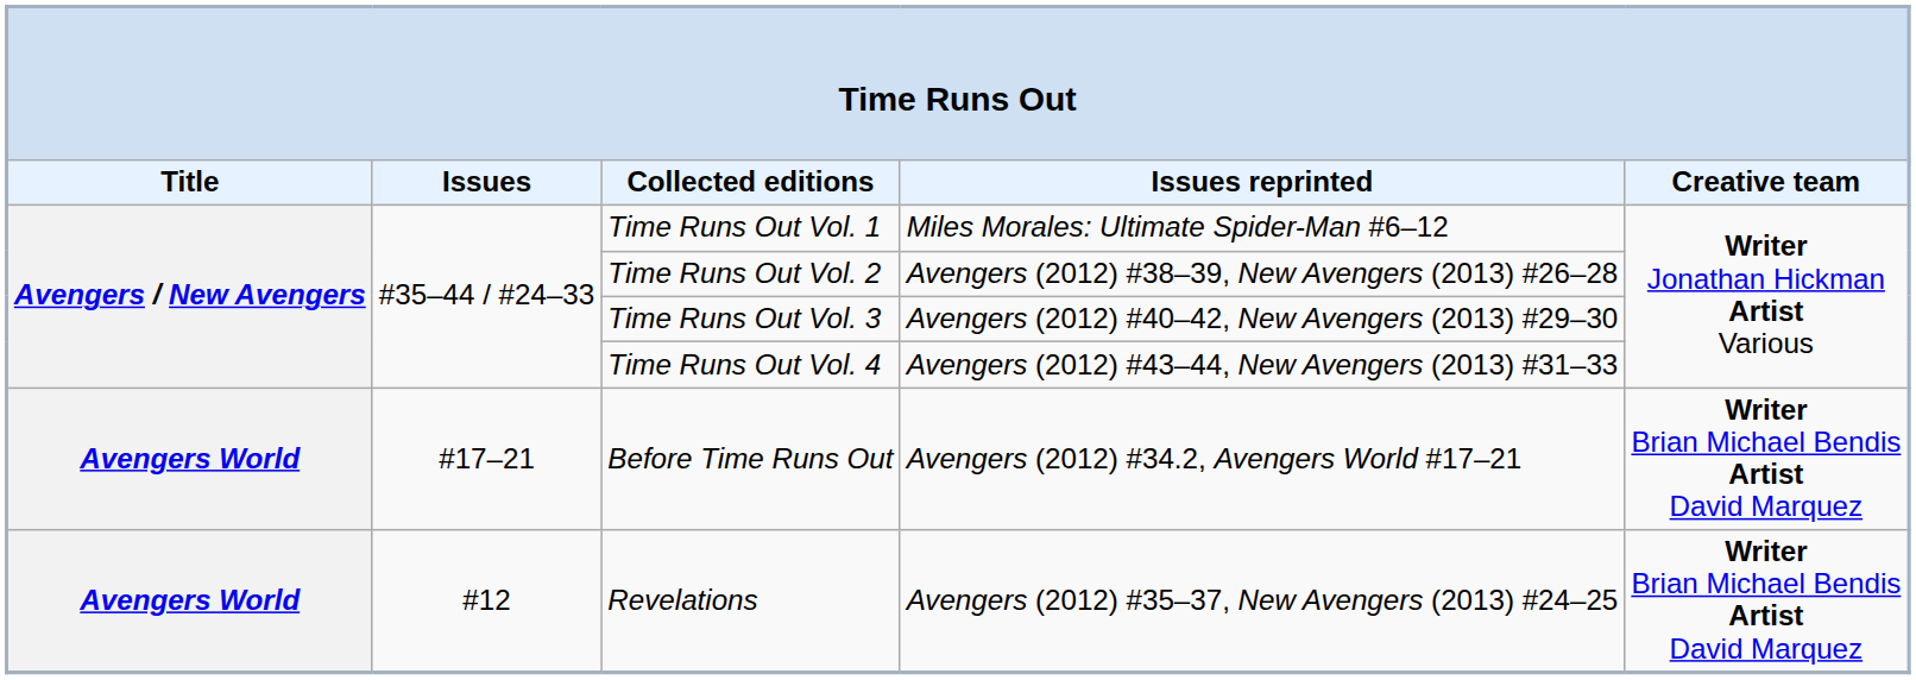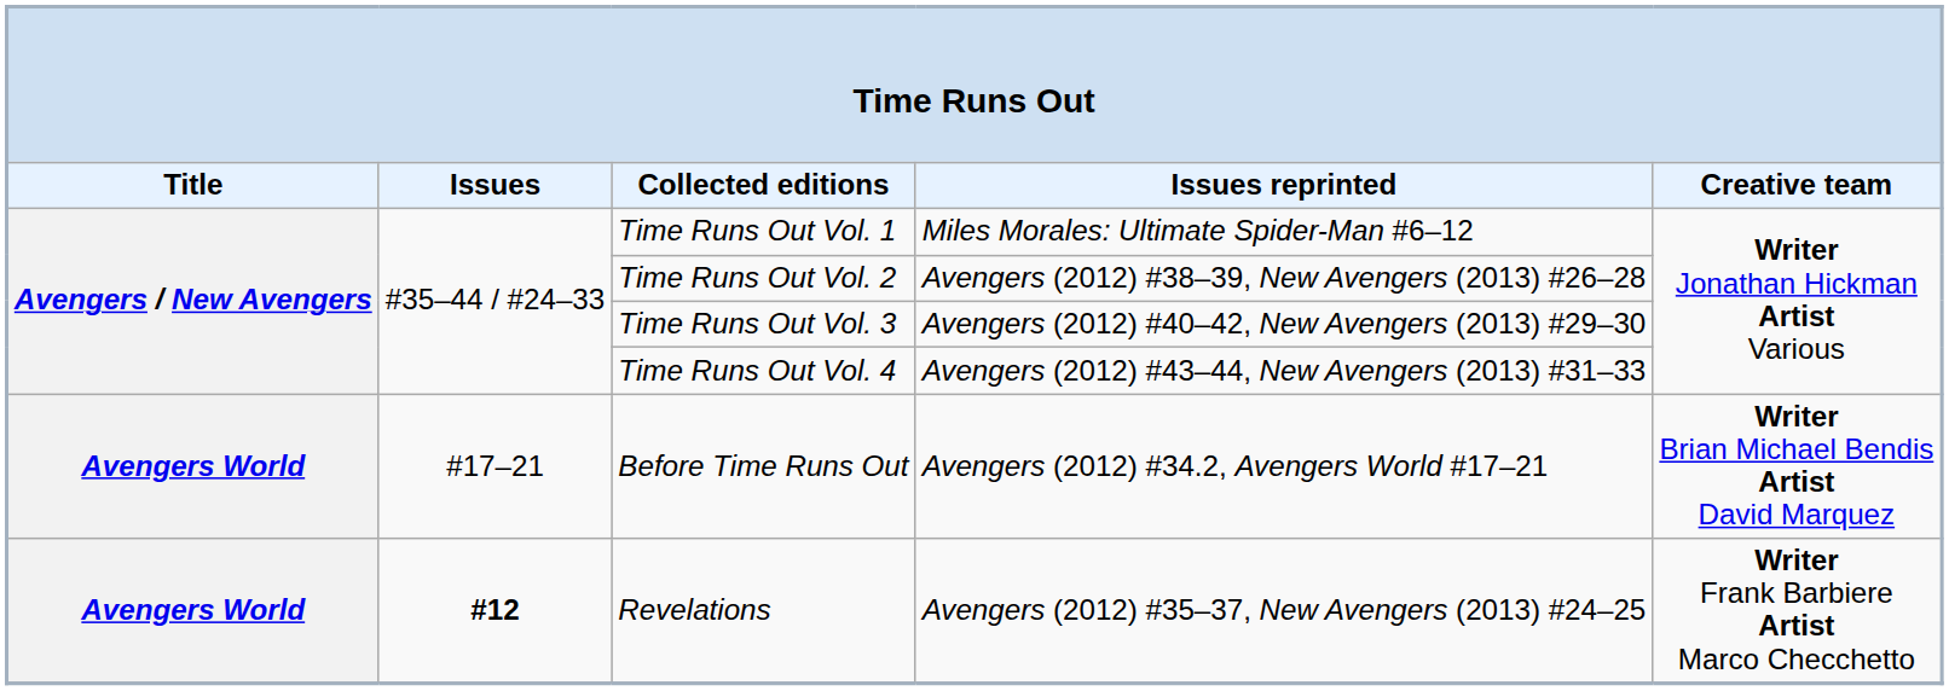 <table class="wikitable collapsible"  style="text-align:center; border:2px solid #a3b1bf; font-weight:normal;">
 <tr>
 <th colspan="5" style="background:#cee0f2;"><br><h3>Time Runs Out</h3></th>
 </tr>
 <tr>
 <th scope="col" style="text-align:center; background:#e6f2ff;">Title</th>
 <th scope="col" style="text-align:center; background:#e6f2ff;">Issues</th>
 <th scope="col" style="text-align:center; background:#e6f2ff;">Collected editions</th>
 <th scope="col" style="text-align:center; background:#e6f2ff;">Issues reprinted</th>
 <th scope="col" style="text-align:center; background:#e6f2ff;">Creative team</th>
 </tr>
 <tr>
 <th rowspan="4"><em><a href='#'>Avengers</a> / <a href='#'>New Avengers</a></em></th>
 <td rowspan="4">#35–44 / #24–33</td>
 <td style="text-align:left;"><em>Time Runs Out Vol. 1</em></td>
 <td style="text-align:left;"><em>Miles Morales: Ultimate Spider-Man</em> #6–12</td>
 <td rowspan="4"><strong>Writer</strong><br><a href='#'>Jonathan Hickman</a><br><strong>Artist</strong><br>Various</td>
 </tr>
 <tr>
 <td style="text-align:left;"><em>Time Runs Out Vol. 2</em></td>
 <td style="text-align:left;"><em>Avengers</em> (2012) #38–39, <em>New Avengers</em> (2013) #26–28</td>
 </tr>
 <tr>
 <td style="text-align:left;"><em>Time Runs Out Vol. 3</em></td>
 <td style="text-align:left;"><em>Avengers</em> (2012) #40–42, <em>New Avengers</em> (2013) #29–30</td>
 </tr>
 <tr>
 <td style="text-align:left;"><em>Time Runs Out Vol. 4</em></td>
 <td style="text-align:left;"><em>Avengers</em> (2012) #43–44, <em>New Avengers</em> (2013) #31–33</td>
 </tr>
 <tr>
 <th><em><a href='#'>Avengers World</a></em></th>
 <td>#17–21</td>
 <td style="text-align:left;"><em>Before Time Runs Out</em></td>
 <td style="text-align:left;"><em>Avengers</em> (2012) #34.2, <em>Avengers World</em> #17–21</td>
 <td><strong>Writer</strong><br><a href='#'>Brian Michael Bendis</a><br><strong>Artist</strong><br><a href='#'>David Marquez</a></td>
 </tr>
 <tr>
 <th><em><a href='#'>Avengers World</a></em></th>
-<td>#12</td>
+<td><strong>#12</strong></td>
 <td style="text-align:left;"><em>Revelations</em></td>
 <td style="text-align:left;"><em>Avengers</em> (2012) #35–37, <em>New Avengers</em> (2013) #24–25</td>
-<td><strong>Writer</strong><br><a href='#'>Brian Michael Bendis</a><br><strong>Artist</strong><br><a href='#'>David Marquez</a></td>
+<td><strong>Writer</strong><br>Frank Barbiere<br><strong>Artist</strong><br>Marco Checchetto</td>
 </tr>
 <tr>
 </tr>
 </table>
